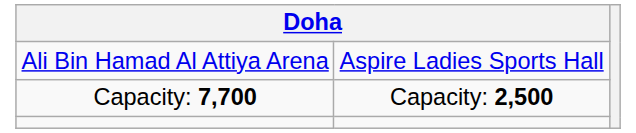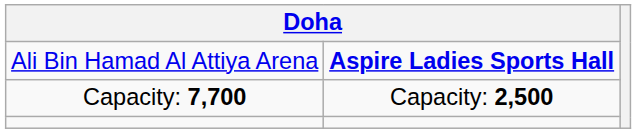 <table class="wikitable" style="margin:1em auto; text-align:center;">
 <tr>
 <th colspan=2><a href='#'>Doha</a></th>
 <th rowspan="4"></th>
 </tr>
 <tr>
 <td align=center><a href='#'>Ali Bin Hamad Al Attiya Arena</a></td>
-<td align=center><a href='#'>Aspire Ladies Sports Hall</a></td>
+<td align=center><strong><a href='#'>Aspire Ladies Sports Hall</a></strong></td>
 </tr>
 <tr>
 <td align=center>Capacity: <strong>7,700</strong></td>
 <td align=center>Capacity: <strong>2,500</strong></td>
 </tr>
 <tr>
 <td></td>
 <td></td>
 </tr>
 </table>
